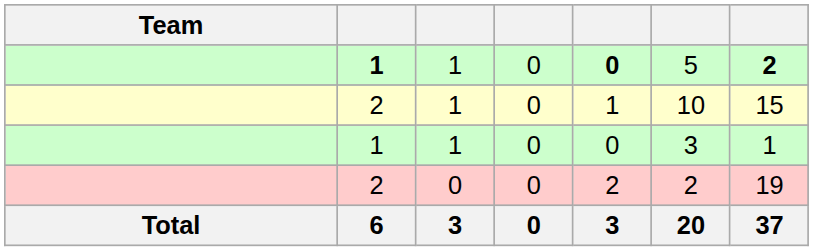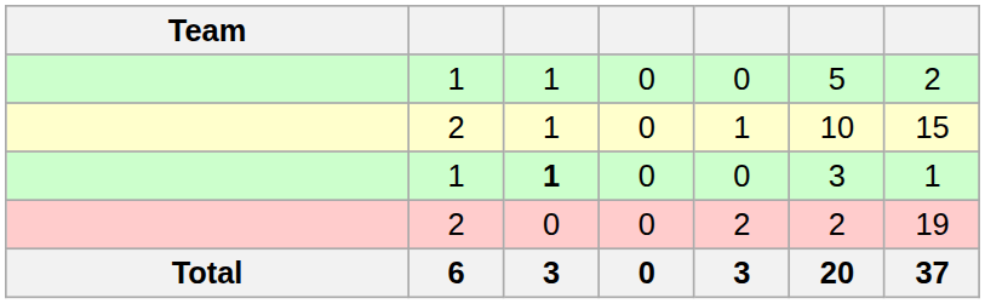 <table class="wikitable" style="font-size:95%; text-align:center">
 <tr>
 <th width=192>Team</th>
 <th width=40></th>
 <th width=40></th>
 <th width=40></th>
 <th width=40></th>
 <th width=40></th>
 <th width=40></th>
 </tr>
 <tr style="background:#ccffcc;">
 <td style="text-align:left;"></td>
-<td><strong>1</strong></td>
+<td>1</td>
 <td>1</td>
 <td>0</td>
-<td><strong>0</strong></td>
+<td>0</td>
 <td>5</td>
-<td><strong>2</strong></td>
+<td>2</td>
 </tr>
 <tr style="background:#ffffcc;">
 <td style="text-align:left;"></td>
 <td>2</td>
 <td>1</td>
 <td>0</td>
 <td>1</td>
 <td>10</td>
 <td>15</td>
 </tr>
 <tr style="background:#ccffcc;">
 <td style="text-align:left;"></td>
 <td>1</td>
-<td>1</td>
+<td><strong>1</strong></td>
 <td>0</td>
 <td>0</td>
 <td>3</td>
 <td>1</td>
 </tr>
 <tr style="background:#ffcccc;">
 <td style="text-align:left;"></td>
 <td>2</td>
 <td>0</td>
 <td>0</td>
 <td>2</td>
 <td>2</td>
 <td>19</td>
 </tr>
 <tr>
 <th>Total</th>
 <th>6</th>
 <th>3</th>
 <th>0</th>
 <th>3</th>
 <th>20</th>
 <th>37</th>
 </tr>
 </table>
